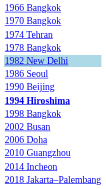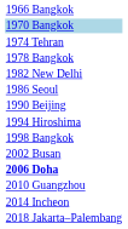 <table>
 <tr>
 <td><a href='#'>1966 Bangkok</a></td>
 <td></td>
 <td></td>
 <td></td>
 </tr>
 <tr>
-<td><a href='#'>1970 Bangkok</a></td>
+<td style="background: lightblue;"><a href='#'>1970 Bangkok</a></td>
 <td></td>
 <td></td>
 <td></td>
 </tr>
 <tr>
 <td><a href='#'>1974 Tehran</a></td>
 <td></td>
 <td></td>
 <td></td>
 </tr>
 <tr>
 <td><a href='#'>1978 Bangkok</a></td>
 <td></td>
 <td></td>
 <td></td>
 </tr>
 <tr>
-<td style="background: lightblue;"><a href='#'>1982 New Delhi</a></td>
+<td><a href='#'>1982 New Delhi</a></td>
 <td></td>
 <td></td>
 <td></td>
 </tr>
 <tr>
 <td><a href='#'>1986 Seoul</a></td>
 <td></td>
 <td></td>
 <td></td>
 </tr>
 <tr>
 <td><a href='#'>1990 Beijing</a></td>
 <td></td>
 <td></td>
 <td></td>
 </tr>
 <tr>
-<td><strong><a href='#'>1994 Hiroshima</a></strong></td>
+<td><a href='#'>1994 Hiroshima</a></td>
 <td></td>
 <td></td>
 <td></td>
 </tr>
 <tr>
 <td><a href='#'>1998 Bangkok</a></td>
 <td></td>
 <td></td>
 <td></td>
 </tr>
 <tr>
 <td><a href='#'>2002 Busan</a></td>
 <td></td>
 <td></td>
 <td></td>
 </tr>
 <tr>
-<td><a href='#'>2006 Doha</a></td>
+<td><strong><a href='#'>2006 Doha</a></strong></td>
 <td></td>
 <td></td>
 <td></td>
 </tr>
 <tr>
 <td><a href='#'>2010 Guangzhou</a></td>
 <td></td>
 <td></td>
 <td></td>
 </tr>
 <tr>
 <td><a href='#'>2014 Incheon</a></td>
 <td></td>
 <td></td>
 <td></td>
 </tr>
 <tr>
 <td><a href='#'>2018 Jakarta–Palembang</a></td>
 <td></td>
 <td></td>
 <td></td>
 </tr>
 </table>
